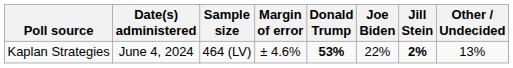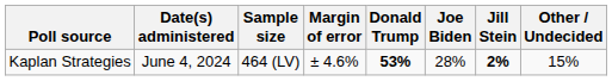 <table class="wikitable sortable mw-datatable" style="font-size:90%;text-align:center;line-height:17px">
 <tr valign=bottom>
 <th>Poll source</th>
 <th>Date(s)<br>administered</th>
 <th>Sample<br>size</th>
 <th>Margin<br>of error</th>
 <th class="unsortable">Donald<br>Trump<br></th>
 <th class="unsortable">Joe<br>Biden<br></th>
 <th class="unsortable">Jill<br>Stein<br></th>
 <th class="unsortable">Other /<br>Undecided</th>
 </tr>
 <tr>
 <td style="text-align:left;">Kaplan Strategies</td>
 <td data-sort-value="2024-06-06">June 4, 2024</td>
 <td>464 (LV)</td>
 <td>± 4.6%</td>
 <td style="background-color:"><strong>53%</strong></td>
-<td>22%</td>
+<td>28%</td>
 <td><strong>2%</strong></td>
-<td>13%</td>
+<td>15%</td>
 </tr>
 </table>
